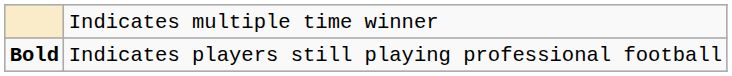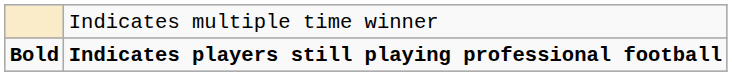 <table class="wikitable">
 <tr>
 <td align=center style="background-color:#faecc8"></td>
 <td>Indicates multiple time winner</td>
 </tr>
 <tr>
 <td><strong>Bold</strong></td>
-<td>Indicates players still playing professional football</td>
+<td><strong>Indicates players still playing professional football</strong></td>
 </tr>
 </table>
